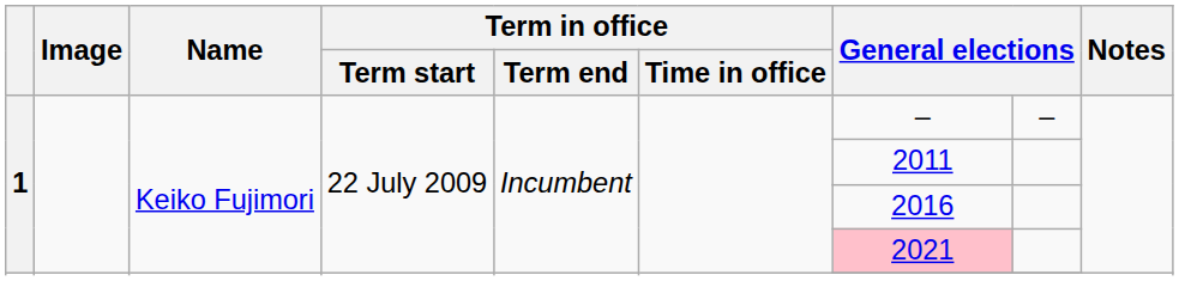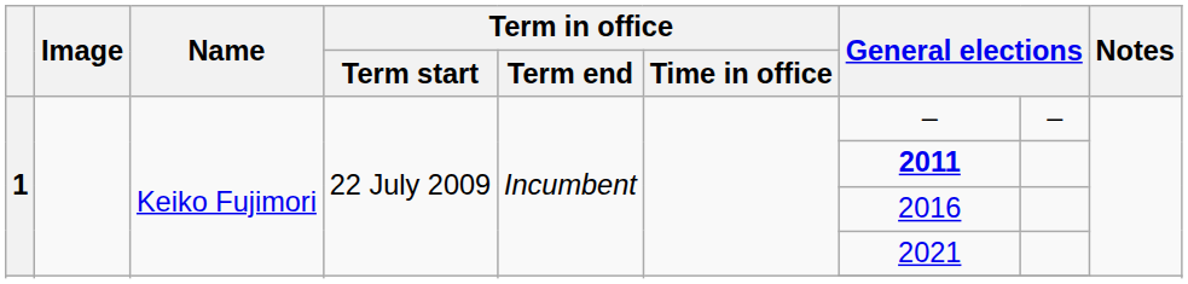 <table class="wikitable" style="text-align:center">
 <tr>
 <th rowspan="2"></th>
 <th rowspan="2">Image</th>
 <th rowspan="2">Name<br></th>
 <th colspan="3">Term in office</th>
 <th colspan="2" rowspan="2"><a href='#'>General elections</a></th>
 <th rowspan="2">Notes</th>
 </tr>
 <tr>
 <th>Term start</th>
 <th>Term end</th>
 <th>Time in office</th>
 </tr>
 <tr>
 <th rowspan="6"><strong>1</strong></th>
 <td rowspan="6"></td>
 <td rowspan="6"><br><a href='#'>Keiko Fujimori</a><br></td>
 <td rowspan="6">22 July 2009</td>
 <td rowspan="6"><em>Incumbent</em></td>
 <td rowspan="6"></td>
 <td>–</td>
 <td>–</td>
 <td rowspan="6"></td>
 </tr>
 <tr>
-<td><a href='#'>2011</a></td>
+<td><strong><a href='#'>2011</a></strong></td>
 <td></td>
 </tr>
 <tr>
 <td><a href='#'>2016</a></td>
 <td></td>
 </tr>
 <tr>
-<td style="background: pink;"><a href='#'>2021</a></td>
+<td><a href='#'>2021</a></td>
 <td></td>
 </tr>
 <tr>
 </tr>
 </table>
